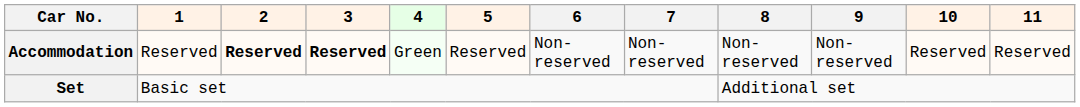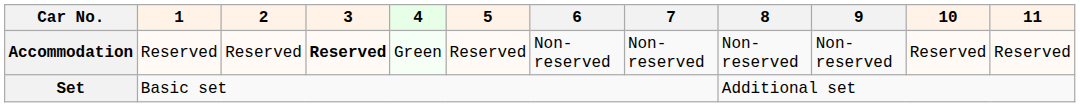 <table class="wikitable">
 <tr>
 <th>Car No.</th>
 <th style="background: #FFF2E6">1</th>
 <th style="background: #FFF2E6">2</th>
 <th style="background: #FFF2E6">3</th>
 <th style="background: #E6FFE6">4</th>
 <th style="background: #FFF2E6">5</th>
 <th>6</th>
 <th>7</th>
 <th>8</th>
 <th>9</th>
 <th style="background: #FFF2E6">10</th>
 <th style="background: #FFF2E6">11</th>
 </tr>
 <tr>
 <th>Accommodation</th>
 <td style="background: #FFFAF5">Reserved</td>
-<td style="background: #FFFAF5"><strong>Reserved</strong></td>
+<td style="background: #FFFAF5">Reserved</td>
 <td style="background: #FFFAF5"><strong>Reserved</strong></td>
 <td style="background: #F5FFF5">Green</td>
 <td style="background: #FFFAF5">Reserved</td>
 <td>Non-reserved</td>
 <td>Non-reserved</td>
 <td>Non-reserved</td>
 <td>Non-reserved</td>
 <td style="background: #FFFAF5">Reserved</td>
 <td style="background: #FFFAF5">Reserved</td>
 </tr>
 <tr>
 <th>Set</th>
 <td colspan="7">Basic set</td>
 <td colspan="4">Additional set</td>
 </tr>
 </table>
